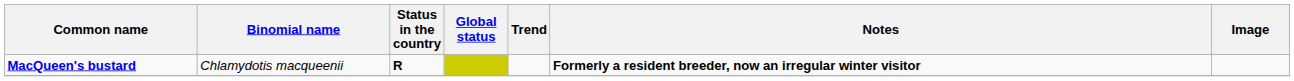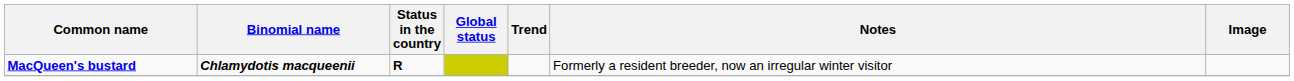 <table class="wikitable sortable">
 <tr>
 <th width="15%">Common name</th>
 <th width="15%"><a href='#'>Binomial name</a></th>
 <th data-sort-type="number" width="1%">Status in the country</th>
 <th width="5%"><a href='#'>Global status</a></th>
 <th width="1%">Trend</th>
 <th class="unsortable">Notes</th>
 <th class="unsortable">Image</th>
 </tr>
 <tr>
 <td><strong><a href='#'>MacQueen's bustard</a></strong></td>
-<td><em>Chlamydotis macqueenii</em></td>
+<td><strong><em>Chlamydotis macqueenii</em></strong></td>
 <td><strong>R</strong></td>
 <td align=center style="background: #cbcc02"></td>
 <td align=center></td>
-<td><strong>Formerly a resident breeder, now an irregular winter visitor</strong></td>
+<td>Formerly a resident breeder, now an irregular winter visitor</td>
 <td></td>
 </tr>
 <tr>
 </tr>
 </table>
